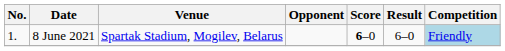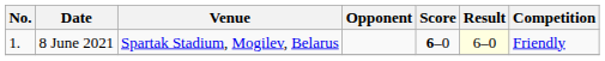 <table class="wikitable">
 <tr>
 <th>No.</th>
 <th>Date</th>
 <th>Venue</th>
 <th>Opponent</th>
 <th>Score</th>
 <th>Result</th>
 <th>Competition</th>
 </tr>
 <tr>
 <td>1.</td>
 <td>8 June 2021</td>
 <td><a href='#'>Spartak Stadium</a>, <a href='#'>Mogilev</a>, <a href='#'>Belarus</a></td>
 <td></td>
 <td align=center><strong>6</strong>–0</td>
-<td align=center>6–0</td>
-<td style="background: lightblue;"><a href='#'>Friendly</a></td>
+<td align=center style="background: lightyellow;">6–0</td>
+<td><a href='#'>Friendly</a></td>
 </tr>
 <tr>
 </tr>
 </table>
